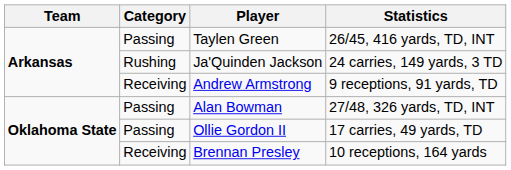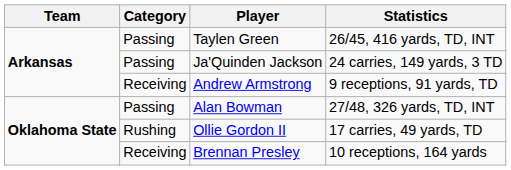 <table class="wikitable" style="float: right;">
 <tr>
 <th>Team</th>
 <th>Category</th>
 <th>Player</th>
 <th>Statistics</th>
 </tr>
 <tr>
 <td rowspan=3><strong>Arkansas</strong></td>
 <td>Passing</td>
 <td>Taylen Green</td>
 <td>26/45, 416 yards, TD, INT</td>
 </tr>
 <tr>
-<td>Rushing</td>
+<td>Passing</td>
 <td>Ja'Quinden Jackson</td>
 <td>24 carries, 149 yards, 3 TD</td>
 </tr>
 <tr>
 <td>Receiving</td>
 <td><a href='#'>Andrew Armstrong</a></td>
 <td>9 receptions, 91 yards, TD</td>
 </tr>
 <tr>
 <td rowspan=3><strong>Oklahoma State</strong></td>
 <td>Passing</td>
 <td><a href='#'>Alan Bowman</a></td>
 <td>27/48, 326 yards, TD, INT</td>
 </tr>
 <tr>
-<td>Passing</td>
+<td>Rushing</td>
 <td><a href='#'>Ollie Gordon II</a></td>
 <td>17 carries, 49 yards, TD</td>
 </tr>
 <tr>
 <td>Receiving</td>
 <td><a href='#'>Brennan Presley</a></td>
 <td>10 receptions, 164 yards</td>
 </tr>
 </table>
